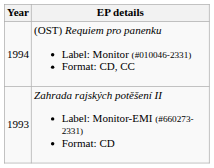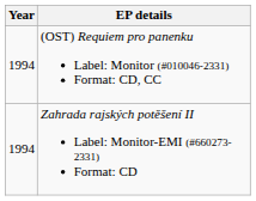 <table class="wikitable" style="text-align:center;">
 <tr>
 <th width="15">Year</th>
 <th width="250">EP details</th>
 </tr>
 <tr>
 <td>1994</td>
 <td align="left">(OST) <em>Requiem pro panenku</em><br><ul><li>Label: Monitor <small>(#010046-2331)</small></li><li>Format: CD, CC</li></ul></td>
 </tr>
 <tr>
-<td>1993</td>
+<td>1994</td>
 <td align="left"><em>Zahrada rajských potěšení II</em><br><ul><li>Label: Monitor-EMI <small>(#660273-2331)</small></li><li>Format: CD</li></ul></td>
 </tr>
 </table>
